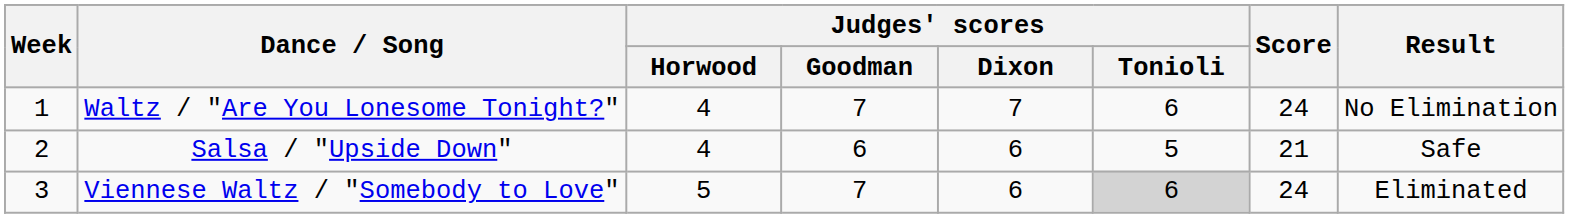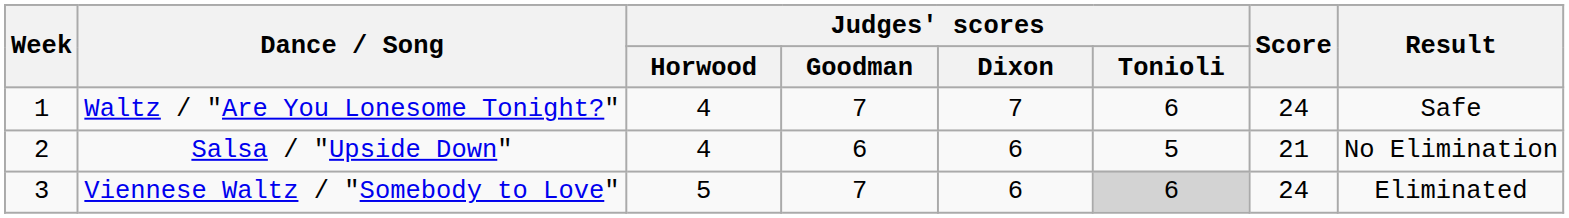 <table class="wikitable">
 <tr>
 <th rowspan="2">Week </th>
 <th rowspan="2">Dance / Song</th>
 <th colspan="4">Judges' scores</th>
 <th rowspan="2">Score</th>
 <th rowspan="2">Result</th>
 </tr>
 <tr>
 <th style="width:10%; ">Horwood</th>
 <th style="width:10%; ">Goodman</th>
 <th style="width:10%; ">Dixon</th>
 <th style="width:10%; ">Tonioli</th>
 </tr>
 <tr style="text-align: center; ">
 <td>1</td>
 <td><a href='#'>Waltz</a> / "<a href='#'>Are You Lonesome Tonight?</a>"</td>
 <td>4</td>
 <td>7</td>
 <td>7</td>
 <td>6</td>
 <td>24</td>
-<td>No Elimination</td>
+<td>Safe</td>
 </tr>
 <tr style="text-align: center;">
 <td>2</td>
 <td><a href='#'>Salsa</a> / "<a href='#'>Upside Down</a>"</td>
 <td>4</td>
 <td>6</td>
 <td>6</td>
 <td>5</td>
 <td>21</td>
-<td>Safe</td>
+<td>No Elimination</td>
 </tr>
 <tr style="text-align: center;">
 <td>3</td>
 <td><a href='#'>Viennese Waltz</a> / "<a href='#'>Somebody to Love</a>"</td>
 <td>5</td>
 <td>7</td>
 <td>6</td>
 <td style="background: lightgrey;">6</td>
 <td>24</td>
 <td>Eliminated</td>
 </tr>
 </table>
